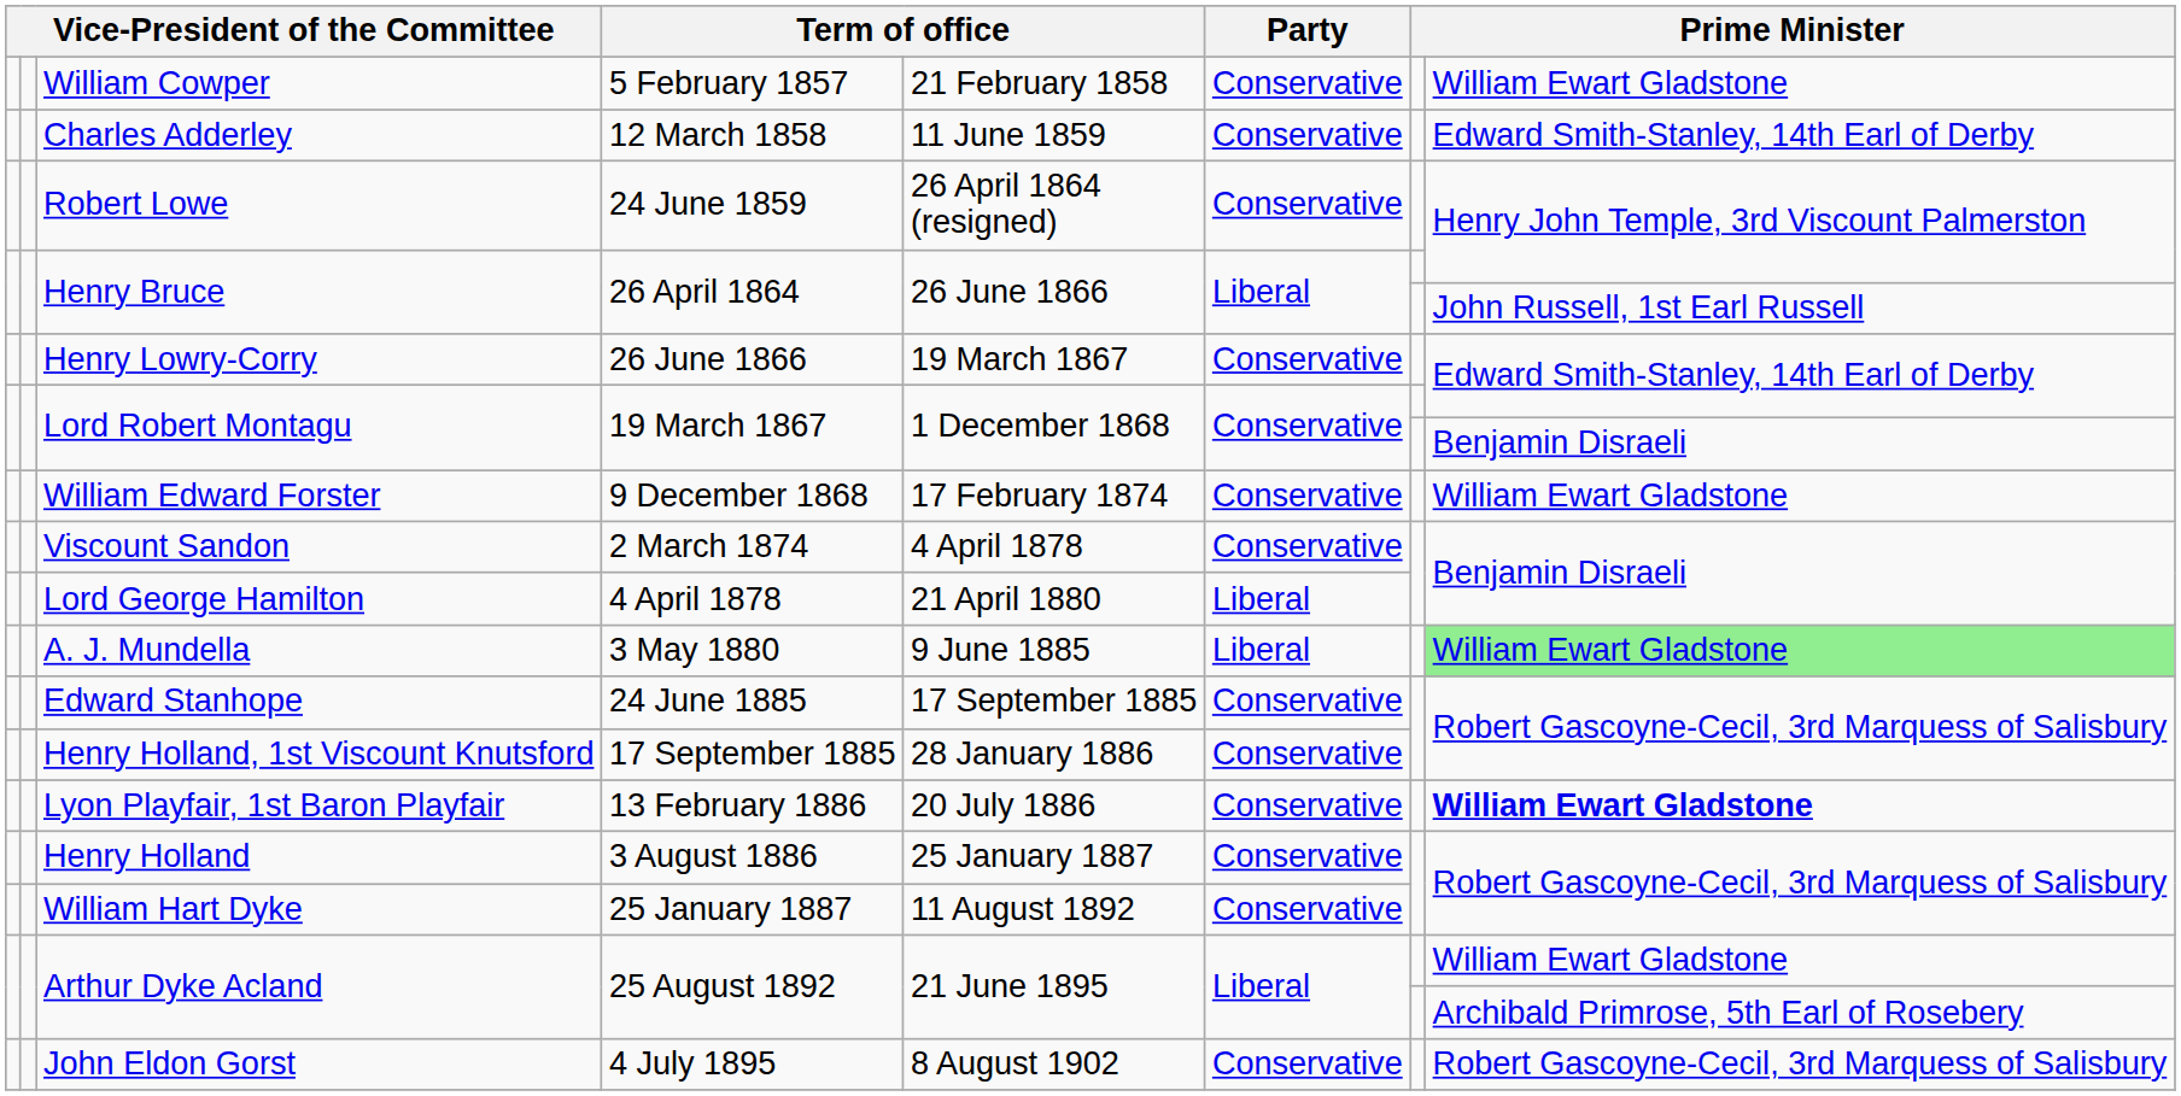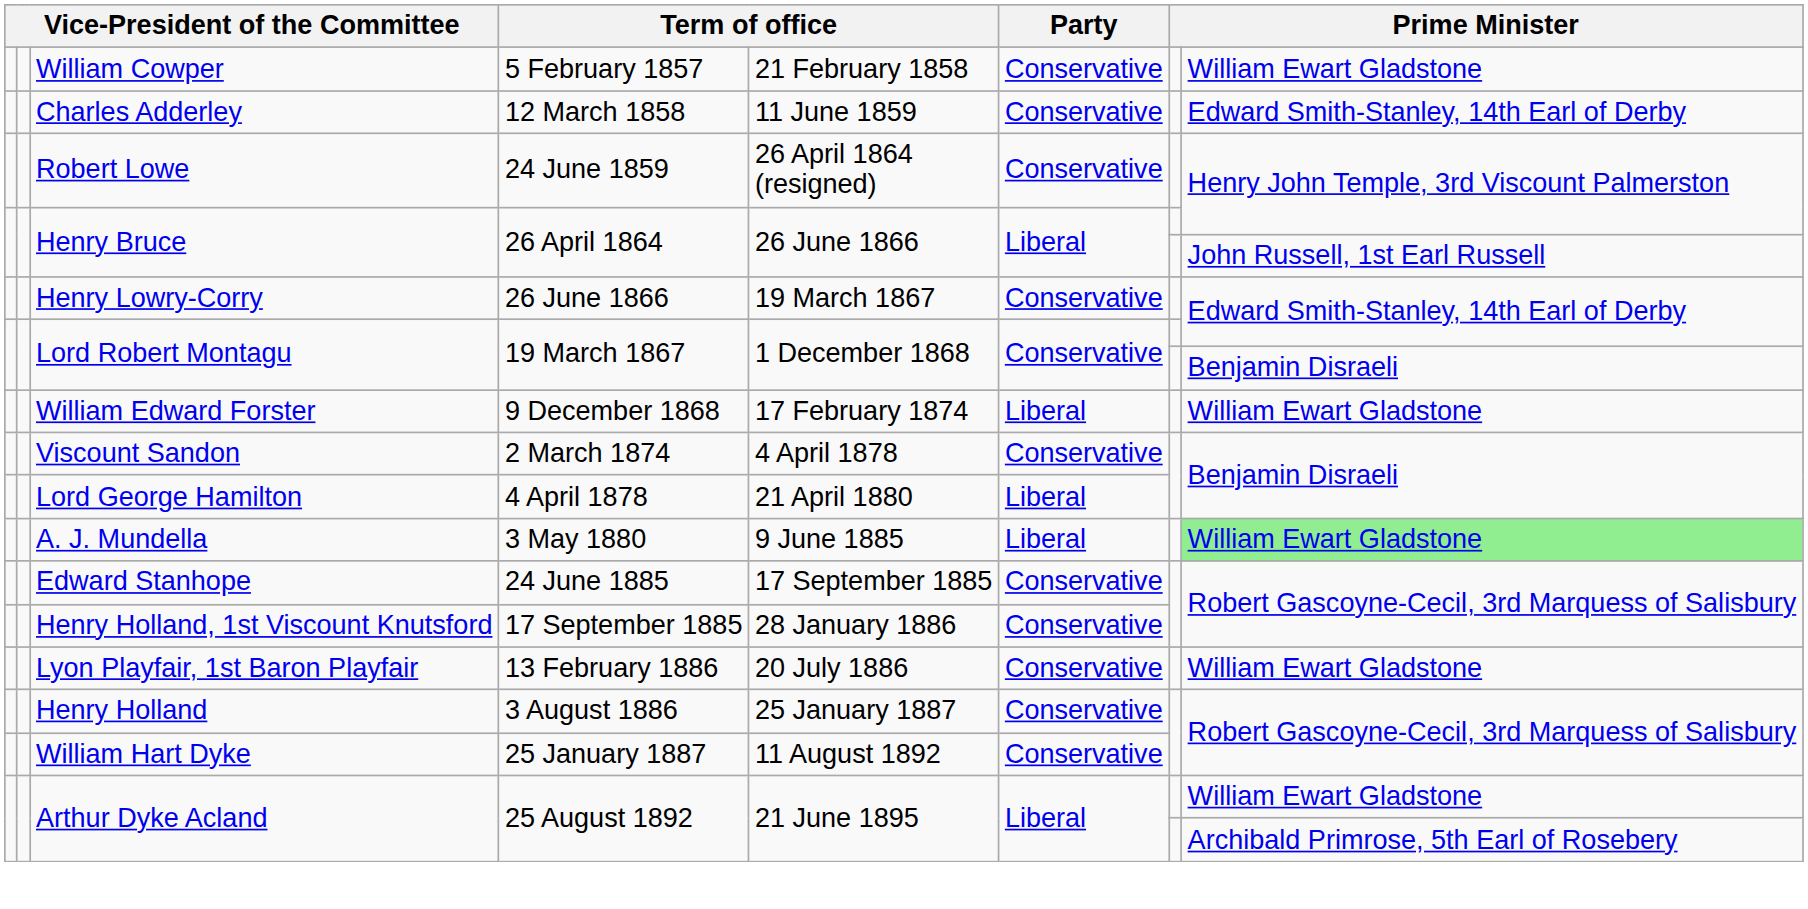 <table class="wikitable">
 <tr>
 <th colspan=3>Vice-President of the Committee</th>
 <th colspan=2>Term of office</th>
 <th>Party</th>
 <th colspan=2>Prime Minister</th>
 </tr>
 <tr style="height:1em">
 <td style="background-color:"></td>
 <td></td>
 <td><a href='#'>William Cowper</a></td>
 <td>5 February 1857</td>
 <td>21 February 1858</td>
 <td><a href='#'>Conservative</a></td>
 <td style="background-color:"></td>
 <td><a href='#'>William Ewart Gladstone</a></td>
 </tr>
 <tr style="height:1em">
 <td style="background-color:"></td>
 <td></td>
 <td><a href='#'>Charles Adderley</a></td>
 <td>12 March 1858</td>
 <td>11 June 1859</td>
 <td><a href='#'>Conservative</a></td>
 <td style="background-color:"></td>
 <td><a href='#'>Edward Smith-Stanley, 14th Earl of Derby</a></td>
 </tr>
 <tr style="height:1em">
 <td style="background-color:"></td>
 <td></td>
 <td><a href='#'>Robert Lowe</a></td>
 <td>24 June 1859</td>
 <td>26 April 1864<br>(resigned)</td>
 <td><a href='#'>Conservative</a></td>
 <td style="background-color:"></td>
 <td rowspan=2><a href='#'>Henry John Temple, 3rd Viscount Palmerston</a></td>
 </tr>
 <tr style="height:1em">
 <td rowspan=2 style="background-color:"></td>
 <td rowspan=2></td>
 <td rowspan=2><a href='#'>Henry Bruce</a></td>
 <td rowspan=2>26 April 1864</td>
 <td rowspan=2>26 June 1866</td>
 <td rowspan=2><a href='#'>Liberal</a></td>
 <td style="background-color:"></td>
 </tr>
 <tr style="height:1em">
 <td style="background-color:"></td>
 <td><a href='#'>John Russell, 1st Earl Russell</a></td>
 </tr>
 <tr style="height:1em">
 <td style="background-color:"></td>
 <td></td>
 <td><a href='#'>Henry Lowry-Corry</a></td>
 <td>26 June 1866</td>
 <td>19 March 1867</td>
 <td><a href='#'>Conservative</a></td>
 <td style="background-color:"></td>
 <td rowspan=2><a href='#'>Edward Smith-Stanley, 14th Earl of Derby</a></td>
 </tr>
 <tr style="height:1em">
 <td rowspan=2 style="background-color:"></td>
 <td rowspan=2></td>
 <td rowspan=2><a href='#'>Lord Robert Montagu</a></td>
 <td rowspan=2>19 March 1867</td>
 <td rowspan=2>1 December 1868</td>
 <td rowspan=2><a href='#'>Conservative</a></td>
 <td style="background-color:"></td>
 </tr>
 <tr style="height:1em">
 <td style="background-color:"></td>
 <td><a href='#'>Benjamin Disraeli</a></td>
 </tr>
 <tr style="height:1em">
 <td style="background-color:"></td>
 <td></td>
 <td><a href='#'>William Edward Forster</a></td>
 <td>9 December 1868</td>
 <td>17 February 1874</td>
-<td><a href='#'>Conservative</a></td>
+<td><a href='#'>Liberal</a></td>
 <td style="background-color:"></td>
 <td><a href='#'>William Ewart Gladstone</a></td>
 </tr>
 <tr style="height:1em">
 <td style="background-color:"></td>
 <td></td>
 <td><a href='#'>Viscount Sandon</a></td>
 <td>2 March 1874</td>
 <td>4 April 1878</td>
 <td><a href='#'>Conservative</a></td>
 <td rowspan=2 style="background-color:"></td>
 <td rowspan=2><a href='#'>Benjamin Disraeli</a></td>
 </tr>
 <tr style="height:1em">
 <td style="background-color:"></td>
 <td></td>
 <td><a href='#'>Lord George Hamilton</a></td>
 <td>4 April 1878</td>
 <td>21 April 1880</td>
 <td><a href='#'>Liberal</a></td>
 </tr>
 <tr style="height:1em">
 <td style="background-color:"></td>
 <td></td>
 <td><a href='#'>A. J. Mundella</a></td>
 <td>3 May 1880</td>
 <td>9 June 1885</td>
 <td><a href='#'>Liberal</a></td>
 <td style="background-color:"></td>
 <td style="background: lightgreen;"><a href='#'>William Ewart Gladstone</a></td>
 </tr>
 <tr style="height:1em">
 <td style="background-color:"></td>
 <td></td>
 <td><a href='#'>Edward Stanhope</a></td>
 <td>24 June 1885</td>
 <td>17 September 1885</td>
 <td><a href='#'>Conservative</a></td>
 <td rowspan=2 style="background-color:"></td>
 <td rowspan=2><a href='#'>Robert Gascoyne-Cecil, 3rd Marquess of Salisbury</a></td>
 </tr>
 <tr style="height:1em">
 <td style="background-color:"></td>
 <td></td>
 <td><a href='#'>Henry Holland, 1st Viscount Knutsford</a></td>
 <td>17 September 1885</td>
 <td>28 January 1886</td>
 <td><a href='#'>Conservative</a></td>
 </tr>
 <tr style="height:1em">
 <td style="background-color:"></td>
 <td></td>
 <td><a href='#'>Lyon Playfair, 1st Baron Playfair</a></td>
 <td>13 February 1886</td>
 <td>20 July 1886</td>
 <td><a href='#'>Conservative</a></td>
 <td style="background-color:"></td>
-<td><strong><a href='#'>William Ewart Gladstone</a></strong></td>
+<td><a href='#'>William Ewart Gladstone</a></td>
 </tr>
 <tr style="height:1em">
 <td style="background-color:"></td>
 <td></td>
 <td><a href='#'>Henry Holland</a></td>
 <td>3 August 1886</td>
 <td>25 January 1887</td>
 <td><a href='#'>Conservative</a></td>
 <td rowspan=2 style="background-color:"></td>
 <td rowspan=2><a href='#'>Robert Gascoyne-Cecil, 3rd Marquess of Salisbury</a></td>
 </tr>
 <tr style="height:1em">
 <td style="background-color:"></td>
 <td></td>
 <td><a href='#'>William Hart Dyke</a></td>
 <td>25 January 1887</td>
 <td>11 August 1892</td>
 <td><a href='#'>Conservative</a></td>
 </tr>
 <tr style="height:1em">
 <td rowspan=2 style="background-color:"></td>
 <td rowspan=2></td>
 <td rowspan=2><a href='#'>Arthur Dyke Acland</a></td>
 <td rowspan=2>25 August 1892</td>
 <td rowspan=2>21 June 1895</td>
 <td rowspan=2><a href='#'>Liberal</a></td>
 <td style="background-color:"></td>
 <td><a href='#'>William Ewart Gladstone</a></td>
 </tr>
 <tr style="height:1em">
 <td style="background-color:"></td>
 <td><a href='#'>Archibald Primrose, 5th Earl of Rosebery</a></td>
 </tr>
-<tr style="height:1em">
-<td style="background-color:"></td>
-<td></td>
-<td><a href='#'>John Eldon Gorst</a></td>
-<td>4 July 1895</td>
-<td>8 August 1902</td>
-<td><a href='#'>Conservative</a></td>
-<td style="background-color:"></td>
-<td><a href='#'>Robert Gascoyne-Cecil, 3rd Marquess of Salisbury</a><br></td>
-</tr>
 </table>
